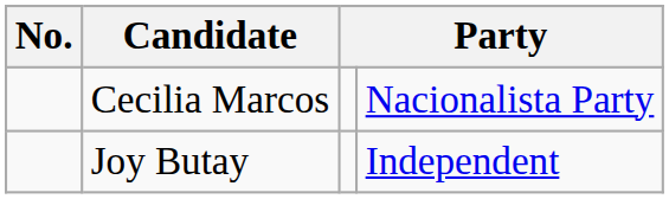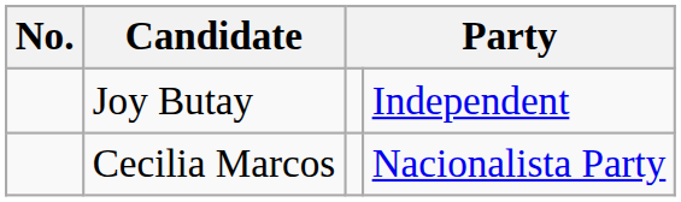 <table class="wikitable sortable" style="text-align:left;">
 <tr>
 <th>No.</th>
 <th>Candidate</th>
 <th colspan="2">Party</th>
 </tr>
 <tr>
 <td></td>
+<td>Joy Butay</td>
+<td></td>
+<td><a href='#'>Independent</a></td>
+</tr>
+<tr>
+<td></td>
 <td>Cecilia Marcos</td>
 <td bgcolor=></td>
 <td><a href='#'>Nacionalista Party</a></td>
 </tr>
-<tr>
-<td></td>
-<td>Joy Butay</td>
-<td></td>
-<td><a href='#'>Independent</a></td>
-</tr>
 </table>
